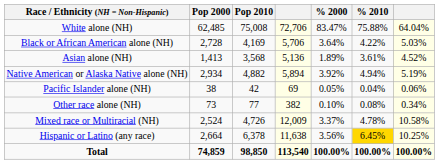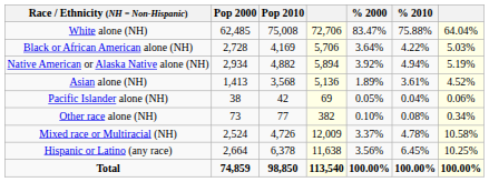 <table class="wikitable" style="text-align:center;">
 <tr>
 <th>Race / Ethnicity <small>(<em>NH = Non-Hispanic</em>)</small></th>
 <th>Pop 2000</th>
 <th>Pop 2010</th>
 <th></th>
 <th>% 2000</th>
 <th>% 2010</th>
 <th></th>
 </tr>
 <tr>
 <td><a href='#'>White</a> alone (NH)</td>
 <td>62,485</td>
 <td>75,008</td>
 <td style='background: #ffffe6;'>72,706</td>
 <td>83.47%</td>
 <td>75.88%</td>
 <td style='background: #ffffe6;'>64.04%</td>
 </tr>
 <tr>
 <td><a href='#'>Black or African American</a> alone (NH)</td>
 <td>2,728</td>
 <td>4,169</td>
 <td style='background: #ffffe6;'>5,706</td>
 <td>3.64%</td>
 <td>4.22%</td>
 <td style='background: #ffffe6;'>5.03%</td>
 </tr>
 <tr>
+<td><a href='#'>Native American</a> or <a href='#'>Alaska Native</a> alone (NH)</td>
+<td>2,934</td>
+<td>4,882</td>
+<td style='background: #ffffe6;'>5,894</td>
+<td>3.92%</td>
+<td>4.94%</td>
+<td style='background: #ffffe6;'>5.19%</td>
+</tr>
+<tr>
 <td><a href='#'>Asian</a> alone (NH)</td>
 <td>1,413</td>
 <td>3,568</td>
 <td style='background: #ffffe6;'>5,136</td>
 <td>1.89%</td>
 <td>3.61%</td>
 <td style='background: #ffffe6;'>4.52%</td>
-</tr>
-<tr>
-<td><a href='#'>Native American</a> or <a href='#'>Alaska Native</a> alone (NH)</td>
-<td>2,934</td>
-<td>4,882</td>
-<td style='background: #ffffe6;'>5,894</td>
-<td>3.92%</td>
-<td>4.94%</td>
-<td style='background: #ffffe6;'>5.19%</td>
 </tr>
 <tr>
 <td><a href='#'>Pacific Islander</a> alone (NH)</td>
 <td>38</td>
 <td>42</td>
 <td style='background: #ffffe6;'>69</td>
 <td>0.05%</td>
 <td>0.04%</td>
 <td style='background: #ffffe6;'>0.06%</td>
 </tr>
 <tr>
 <td><a href='#'>Other race</a> alone (NH)</td>
 <td>73</td>
 <td>77</td>
 <td style='background: #ffffe6;'>382</td>
 <td>0.10%</td>
 <td>0.08%</td>
 <td style='background: #ffffe6;'>0.34%</td>
 </tr>
 <tr>
 <td><a href='#'>Mixed race or Multiracial</a> (NH)</td>
 <td>2,524</td>
 <td>4,726</td>
 <td style='background: #ffffe6;'>12,009</td>
 <td>3.37%</td>
 <td>4.78%</td>
 <td style='background: #ffffe6;'>10.58%</td>
 </tr>
 <tr>
 <td><a href='#'>Hispanic or Latino</a> (any race)</td>
 <td>2,664</td>
 <td>6,378</td>
 <td style='background: #ffffe6;'>11,638</td>
 <td>3.56%</td>
-<td style="background: gold;">6.45%</td>
+<td>6.45%</td>
 <td style='background: #ffffe6;'>10.25%</td>
 </tr>
 <tr>
 <td><strong>Total</strong></td>
 <td><strong>74,859</strong></td>
 <td><strong>98,850</strong></td>
 <td style='background: #ffffe6;'><strong>113,540</strong></td>
 <td><strong>100.00%</strong></td>
 <td><strong>100.00%</strong></td>
 <td style='background: #ffffe6;'><strong>100.00%</strong></td>
 </tr>
 </table>
